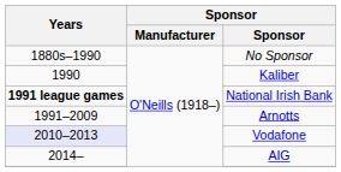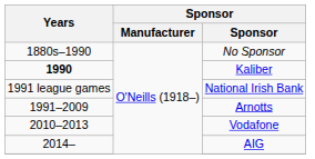 <table class="wikitable" style="text-align: center">
 <tr>
 <th rowspan="2">Years</th>
 <th colspan="2">Sponsor</th>
 </tr>
 <tr>
 <th>Manufacturer</th>
 <th>Sponsor</th>
 </tr>
 <tr>
 <td>1880s–1990</td>
 <td rowspan= "7" colspan= "1"><a href='#'>O'Neills</a> (1918–)</td>
 <td><em>No Sponsor</em></td>
 </tr>
 <tr>
-<td>1990</td>
+<td><strong>1990</strong></td>
 <td><a href='#'>Kaliber</a></td>
 </tr>
 <tr>
-<td><strong>1991 league games</strong></td>
+<td>1991 league games</td>
 <td><a href='#'>National Irish Bank</a></td>
 </tr>
 <tr>
 <td>1991–2009</td>
 <td><a href='#'>Arnotts</a></td>
 </tr>
 <tr>
-<td style="background: lavender;">2010–2013</td>
+<td>2010–2013</td>
 <td><a href='#'>Vodafone</a></td>
 </tr>
 <tr>
 <td>2014–</td>
 <td><a href='#'>AIG</a></td>
 </tr>
 <tr>
 </tr>
 </table>
